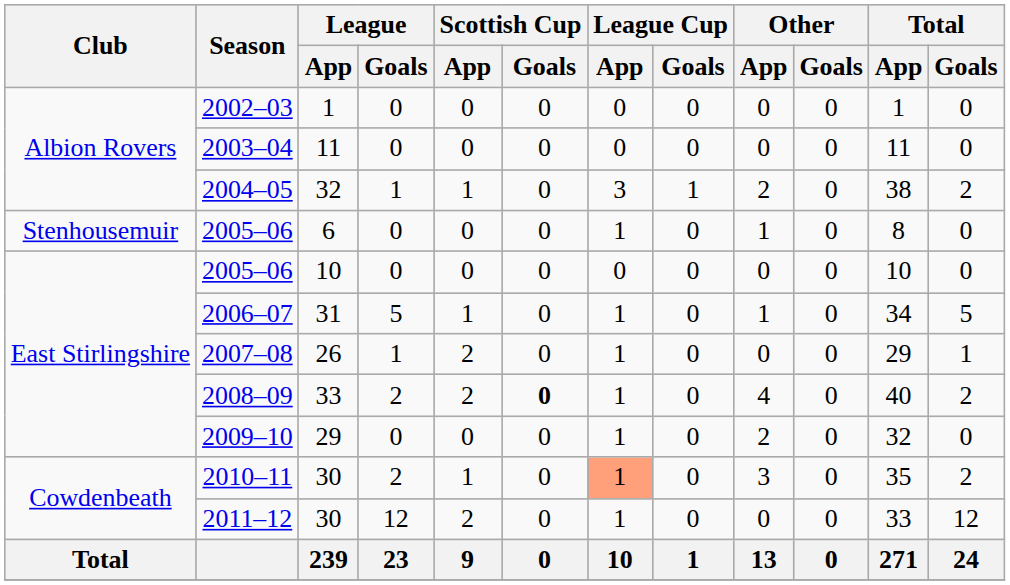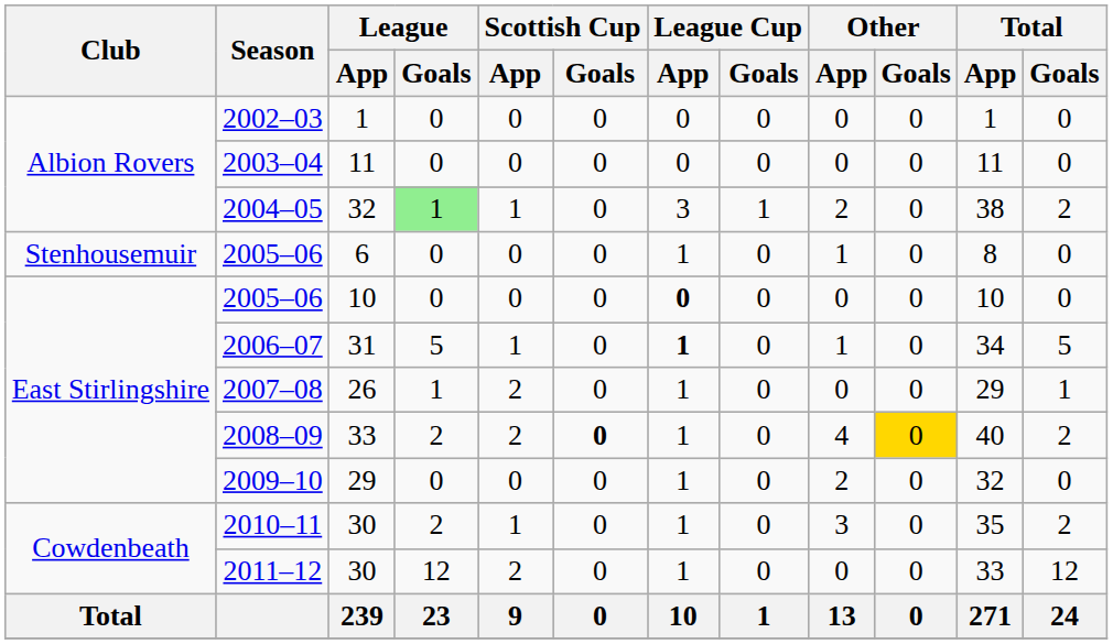 <table class="wikitable">
 <tr>
 <th rowspan=2>Club</th>
 <th rowspan=2>Season</th>
 <th colspan=2>League</th>
 <th colspan=2>Scottish Cup</th>
 <th colspan=2>League Cup</th>
 <th colspan=2>Other</th>
 <th colspan=2>Total</th>
 </tr>
 <tr>
 <th>App</th>
 <th>Goals</th>
 <th>App</th>
 <th>Goals</th>
 <th>App</th>
 <th>Goals</th>
 <th>App</th>
 <th>Goals</th>
 <th>App</th>
 <th>Goals</th>
 </tr>
 <tr align=center>
 <td rowspan=3><a href='#'>Albion Rovers</a></td>
 <td><a href='#'>2002–03</a></td>
 <td>1</td>
 <td>0</td>
 <td>0</td>
 <td>0</td>
 <td>0</td>
 <td>0</td>
 <td>0</td>
 <td>0</td>
 <td>1</td>
 <td>0</td>
 </tr>
 <tr align=center>
 <td><a href='#'>2003–04</a></td>
 <td>11</td>
 <td>0</td>
 <td>0</td>
 <td>0</td>
 <td>0</td>
 <td>0</td>
 <td>0</td>
 <td>0</td>
 <td>11</td>
 <td>0</td>
 </tr>
 <tr align=center>
 <td><a href='#'>2004–05</a></td>
 <td>32</td>
-<td>1</td>
+<td style="background: lightgreen;">1</td>
 <td>1</td>
 <td>0</td>
 <td>3</td>
 <td>1</td>
 <td>2</td>
 <td>0</td>
 <td>38</td>
 <td>2</td>
 </tr>
 <tr align=center>
 <td rowspan=1><a href='#'>Stenhousemuir</a></td>
 <td><a href='#'>2005–06</a></td>
 <td>6</td>
 <td>0</td>
 <td>0</td>
 <td>0</td>
 <td>1</td>
 <td>0</td>
 <td>1</td>
 <td>0</td>
 <td>8</td>
 <td>0</td>
 </tr>
 <tr align=center>
 <td rowspan=5><a href='#'>East Stirlingshire</a></td>
 <td><a href='#'>2005–06</a></td>
 <td>10</td>
 <td>0</td>
 <td>0</td>
 <td>0</td>
-<td>0</td>
+<td><strong>0</strong></td>
 <td>0</td>
 <td>0</td>
 <td>0</td>
 <td>10</td>
 <td>0</td>
 </tr>
 <tr align=center>
 <td><a href='#'>2006–07</a></td>
 <td>31</td>
 <td>5</td>
 <td>1</td>
 <td>0</td>
-<td>1</td>
+<td><strong>1</strong></td>
 <td>0</td>
 <td>1</td>
 <td>0</td>
 <td>34</td>
 <td>5</td>
 </tr>
 <tr align=center>
 <td><a href='#'>2007–08</a></td>
 <td>26</td>
 <td>1</td>
 <td>2</td>
 <td>0</td>
 <td>1</td>
 <td>0</td>
 <td>0</td>
 <td>0</td>
 <td>29</td>
 <td>1</td>
 </tr>
 <tr align=center>
 <td><a href='#'>2008–09</a></td>
 <td>33</td>
 <td>2</td>
 <td>2</td>
 <td><strong>0</strong></td>
 <td>1</td>
 <td>0</td>
 <td>4</td>
-<td>0</td>
+<td style="background: gold;">0</td>
 <td>40</td>
 <td>2</td>
 </tr>
 <tr align=center>
 <td><a href='#'>2009–10</a></td>
 <td>29</td>
 <td>0</td>
 <td>0</td>
 <td>0</td>
 <td>1</td>
 <td>0</td>
 <td>2</td>
 <td>0</td>
 <td>32</td>
 <td>0</td>
 </tr>
 <tr align=center>
 <td rowspan=2><a href='#'>Cowdenbeath</a></td>
 <td><a href='#'>2010–11</a></td>
 <td>30</td>
 <td>2</td>
 <td>1</td>
 <td>0</td>
-<td style="background: lightsalmon;">1</td>
+<td>1</td>
 <td>0</td>
 <td>3</td>
 <td>0</td>
 <td>35</td>
 <td>2</td>
 </tr>
 <tr align=center>
 <td><a href='#'>2011–12</a></td>
 <td>30</td>
 <td>12</td>
 <td>2</td>
 <td>0</td>
 <td>1</td>
 <td>0</td>
 <td>0</td>
 <td>0</td>
 <td>33</td>
 <td>12</td>
 </tr>
 <tr align=center>
 <th>Total</th>
 <th></th>
 <th>239</th>
 <th>23</th>
 <th>9</th>
 <th>0</th>
 <th>10</th>
 <th>1</th>
 <th>13</th>
 <th>0</th>
 <th>271</th>
 <th>24</th>
 </tr>
 <tr>
 </tr>
 </table>
